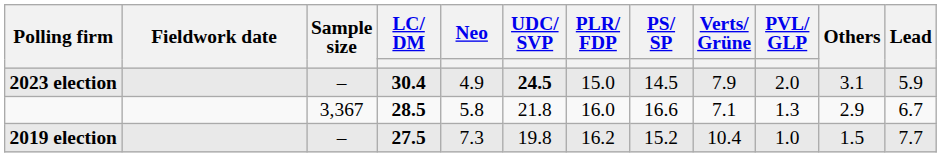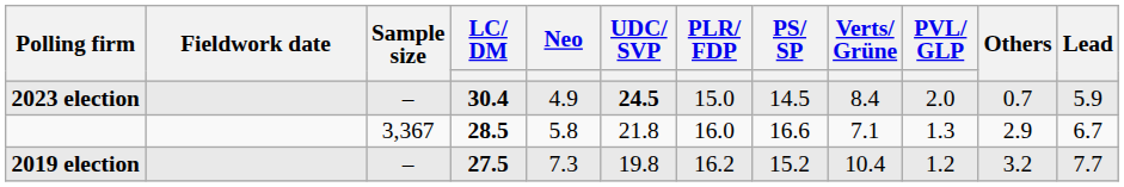 <table class="wikitable sortable" style="text-align:center;font-size:90%;line-height:14px;">
 <tr style="height:40px;">
 <th style="width:80px;" rowspan="2">Polling firm</th>
 <th style="width:130px;" rowspan="2">Fieldwork date</th>
 <th style="width:35px;" rowspan="2">Sample<br>size</th>
 <th class="unsortable" style="width:40px;"><a href='#'>LC/<br>DM</a></th>
 <th class="unsortable" style="width:40px;"><a href='#'>Neo</a></th>
 <th class="unsortable" style="width:40px;"><a href='#'>UDC/<br>SVP</a></th>
 <th class="unsortable" style="width:40px;"><a href='#'>PLR/<br>FDP</a></th>
 <th class="unsortable" style="width:40px;"><a href='#'>PS/<br>SP</a></th>
 <th class="unsortable" style="width:40px;"><a href='#'>Verts/<br>Grüne</a></th>
 <th class="unsortable" style="width:40px;"><a href='#'>PVL/<br>GLP</a></th>
 <th class="unsortable" style="width:30px;" rowspan="2">Others</th>
 <th style="width:30px;" rowspan="2">Lead</th>
 </tr>
 <tr>
 <th style="background:"></th>
 <th style="background:"></th>
 <th style="background:"></th>
 <th style="background:"></th>
 <th style="background:"></th>
 <th style="background:"></th>
 <th style="background:"></th>
 </tr>
 <tr style="background:#E9E9E9;">
 <td><strong>2023 election</strong></td>
 <td></td>
 <td>–</td>
 <td style="background:#"><strong>30.4</strong></td>
 <td>4.9</td>
 <td><strong>24.5</strong></td>
 <td>15.0</td>
 <td>14.5</td>
-<td>7.9</td>
+<td>8.4</td>
 <td>2.0</td>
-<td>3.1</td>
+<td>0.7</td>
 <td style="background:">5.9</td>
 </tr>
 <tr>
 <td></td>
 <td></td>
 <td>3,367</td>
 <td style="background:#"><strong>28.5</strong></td>
 <td>5.8</td>
 <td>21.8</td>
 <td>16.0</td>
 <td>16.6</td>
 <td>7.1</td>
 <td>1.3</td>
 <td>2.9</td>
 <td style="background:">6.7</td>
 </tr>
 <tr style="background:#E9E9E9;">
 <td><strong>2019 election</strong></td>
 <td></td>
 <td>–</td>
 <td style="background:#"><strong>27.5</strong></td>
 <td>7.3</td>
 <td>19.8</td>
 <td>16.2</td>
 <td>15.2</td>
 <td>10.4</td>
-<td>1.0</td>
-<td>1.5</td>
+<td>1.2</td>
+<td>3.2</td>
 <td style="background:">7.7</td>
 </tr>
 </table>
